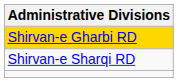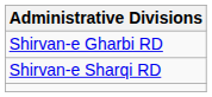 <table class="wikitable">
 <tr>
 <th>Administrative Divisions</th>
 </tr>
 <tr>
-<td style="background: gold;"><a href='#'>Shirvan-e Gharbi RD</a></td>
+<td><a href='#'>Shirvan-e Gharbi RD</a></td>
 </tr>
 <tr>
 <td><a href='#'>Shirvan-e Sharqi RD</a></td>
 </tr>
 <tr>
 <td colspan=1></td>
 </tr>
 </table>
